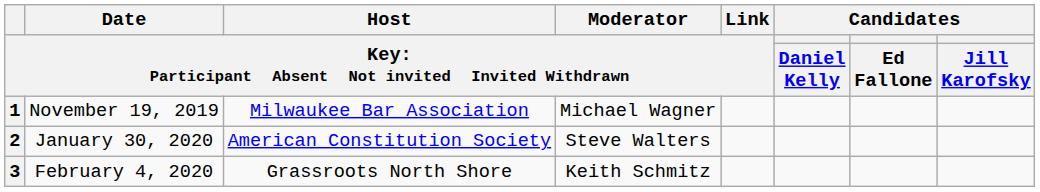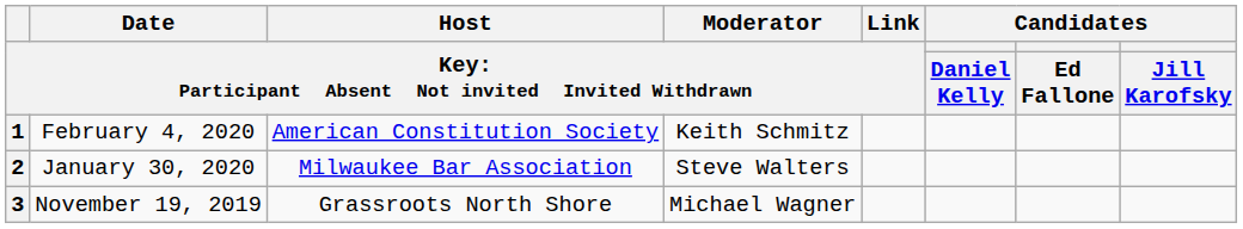 <table class="wikitable" style="text-align:center;">
 <tr>
 <th scope="col"></th>
 <th scope="col">Date</th>
 <th scope="col">Host</th>
 <th scope="col">Moderator</th>
 <th scope="col">Link</th>
 <th scope="col" colspan="3">Candidates</th>
 </tr>
 <tr>
 <th colspan="5" rowspan="2">Key:<br> <small>Participant </small>  <small>Absent </small>  <small>Not invited </small>  <small>Invited  Withdrawn</small></th>
 <th scope="col" style="background:"></th>
 <th scope="col" style="background:"></th>
 <th scope="col" style="background:"></th>
 </tr>
 <tr>
 <th scope="col"><a href='#'>Daniel Kelly</a></th>
 <th scope="col">Ed Fallone</th>
 <th scope="col"><a href='#'>Jill Karofsky</a></th>
 </tr>
 <tr>
 <th>1</th>
-<td style="white-space:nowrap;">November 19, 2019</td>
-<td style="white-space:nowrap;"><a href='#'>Milwaukee Bar Association</a></td>
-<td style="white-space:nowrap;">Michael Wagner</td>
+<td style="white-space:nowrap;">February 4, 2020</td>
+<td style="white-space:nowrap;"><a href='#'>American Constitution Society</a></td>
+<td style="white-space:nowrap;">Keith Schmitz</td>
 <td style="white-space:nowrap;"></td>
 <td></td>
 <td></td>
 <td></td>
 </tr>
 <tr>
 <th>2</th>
 <td style="white-space:nowrap;">January 30, 2020</td>
-<td style="white-space:nowrap;"><a href='#'>American Constitution Society</a></td>
+<td style="white-space:nowrap;"><a href='#'>Milwaukee Bar Association</a></td>
 <td style="white-space:nowrap;">Steve Walters</td>
 <td style="white-space:nowrap;"></td>
 <td></td>
 <td></td>
 <td></td>
 </tr>
 <tr>
 <th>3</th>
-<td style="white-space:nowrap;">February 4, 2020</td>
+<td style="white-space:nowrap;">November 19, 2019</td>
 <td style="white-space:nowrap;">Grassroots North Shore</td>
-<td style="white-space:nowrap;">Keith Schmitz</td>
+<td style="white-space:nowrap;">Michael Wagner</td>
 <td style="white-space:nowrap;"></td>
 <td></td>
 <td></td>
 <td></td>
 </tr>
 </table>
